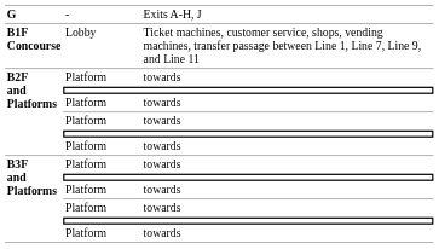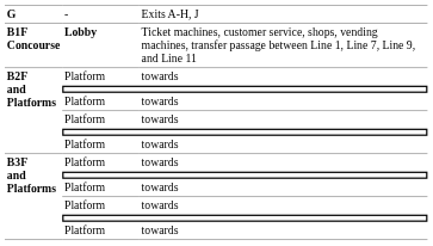 <table border=0 cellspacing=0 cellpadding=3>
 <tr>
 <td style="border-top:solid 1px gray;" width=50 valign=top><strong>G</strong></td>
 <td style="border-top:solid 1px gray;" width=100 valign=top>-</td>
 <td style="border-top:solid 1px gray;" width=390 valign=top>Exits A-H, J</td>
 </tr>
 <tr>
 <td style="border-bottom:solid 1px gray; border-top:solid 1px gray;" valign=top width=50><strong>B1F<br>Concourse</strong></td>
-<td style="border-bottom:solid 1px gray; border-top:solid 1px gray;" valign=top width=100>Lobby</td>
+<td style="border-bottom:solid 1px gray; border-top:solid 1px gray;" valign=top width=100><strong>Lobby</strong></td>
 <td style="border-bottom:solid 1px gray; border-top:solid 1px gray;" valign=top width=390>Ticket machines, customer service, shops, vending machines, transfer passage between Line 1, Line 7, Line 9, and Line 11</td>
 </tr>
 <tr>
 <td style="border-bottom:solid 1px gray;" rowspan=6 valign=top><strong>B2F<br> and  Platforms</strong></td>
 <td>Platform</td>
 <td>  towards  </td>
 </tr>
 <tr>
 <td style="border-right:solid 2px black;border-left:solid 2px black;border-top:solid 2px black;border-bottom:solid 2px black;text-align:center;" colspan=2></td>
 </tr>
 <tr>
 <td style="border-bottom:solid 1px gray;">Platform</td>
 <td style="border-bottom:solid 1px gray;">  towards   </td>
 </tr>
 <tr>
 <td>Platform</td>
 <td>  towards  </td>
 </tr>
 <tr>
 <td style="border-right:solid 2px black;border-left:solid 2px black;border-top:solid 2px black;border-bottom:solid 2px black;text-align:center;" colspan=2></td>
 </tr>
 <tr>
 <td style="border-bottom:solid 1px gray;">Platform</td>
 <td style="border-bottom:solid 1px gray;">  towards   </td>
 </tr>
 <tr>
 <td style="border-bottom:solid 1px gray;" rowspan=6 valign=top><strong>B3F<br> and  Platforms</strong></td>
 <td>Platform</td>
 <td>  towards   </td>
 </tr>
 <tr>
 <td style="border-top:solid 2px black;border-right:solid 2px black;border-left:solid 2px black;border-bottom:solid 2px black;text-align:center;" colspan=2></td>
 </tr>
 <tr>
 <td style="border-bottom:solid 1px gray;">Platform</td>
 <td style="border-bottom:solid 1px gray;">  towards  </td>
 </tr>
 <tr>
 <td>Platform</td>
 <td>  towards   </td>
 </tr>
 <tr>
 <td style="border-right:solid 2px black;border-left:solid 2px black;border-top:solid 2px black;border-bottom:solid 2px black;text-align:center;" colspan=2></td>
 </tr>
 <tr>
 <td style="border-bottom:solid 1px gray;">Platform</td>
 <td style="border-bottom:solid 1px gray;">  towards   </td>
 </tr>
 </table>
